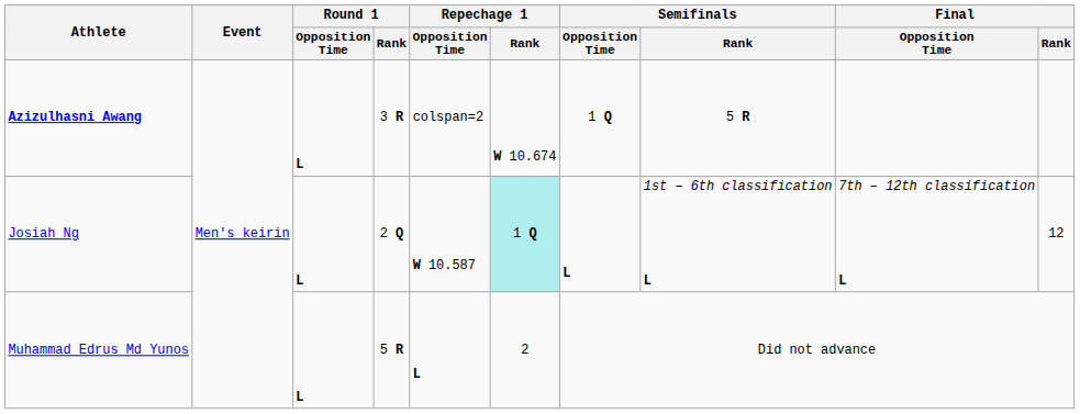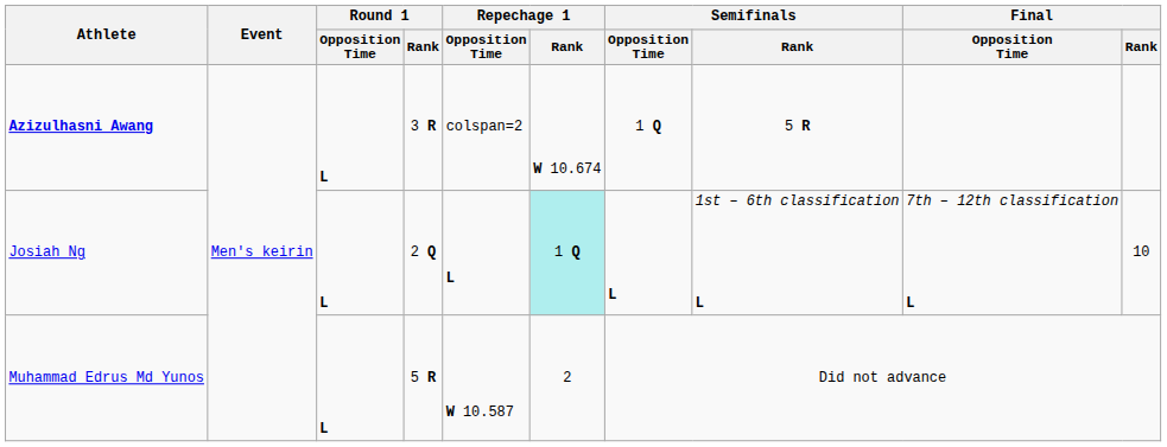 <table class="wikitable" style="text-align:left; font-size:90%;">
 <tr>
 <th rowspan=2>Athlete</th>
 <th rowspan=2>Event</th>
 <th colspan=2>Round 1</th>
 <th colspan=2>Repechage 1</th>
 <th colspan=2>Semifinals</th>
 <th colspan=2>Final</th>
 </tr>
 <tr style="font-size:95%">
 <th>Opposition<br>Time</th>
 <th>Rank</th>
 <th>Opposition<br>Time</th>
 <th>Rank</th>
 <th>Opposition<br>Time</th>
 <th>Rank</th>
 <th>Opposition<br>Time</th>
 <th>Rank</th>
 </tr>
 <tr>
 <td><strong><a href='#'>Azizulhasni Awang</a></strong></td>
 <td rowspan=3><a href='#'>Men's keirin</a></td>
 <td><br><br><br><br><br><br><strong>L</strong></td>
 <td align=center>3 <strong>R</strong></td>
 <td>colspan=2 </td>
 <td><br><br><br><br><br><strong>W</strong> 10.674</td>
 <td align=center>1 <strong>Q</strong></td>
 <td align=center>5 <strong>R</strong></td>
 <td align=center></td>
 </tr>
 <tr>
 <td><a href='#'>Josiah Ng</a></td>
 <td><br><br><br><br><br><br><strong>L</strong></td>
 <td align=center>2 <strong>Q</strong></td>
-<td><br><br><br><br><strong>W</strong> 10.587</td>
+<td><br><br><br><strong>L</strong></td>
 <td align=center style="background: paleturquoise;">1 <strong>Q</strong></td>
 <td><br><br><br><br><br><strong>L</strong></td>
 <td><em>1st – 6th classification</em><br><br><br><br><br><br><strong>L</strong></td>
 <td><em>7th – 12th classification</em><br><br><br><br><br><br><strong>L</strong></td>
-<td align=center>12</td>
+<td align=center>10</td>
 </tr>
 <tr>
 <td><a href='#'>Muhammad Edrus Md Yunos</a></td>
 <td><br><br><br><br><br><br><strong>L</strong></td>
 <td align=center>5 <strong>R</strong></td>
-<td><br><br><br><strong>L</strong></td>
+<td><br><br><br><br><strong>W</strong> 10.587</td>
 <td align=center>2</td>
 <td align=center colspan=4>Did not advance</td>
 </tr>
 </table>
